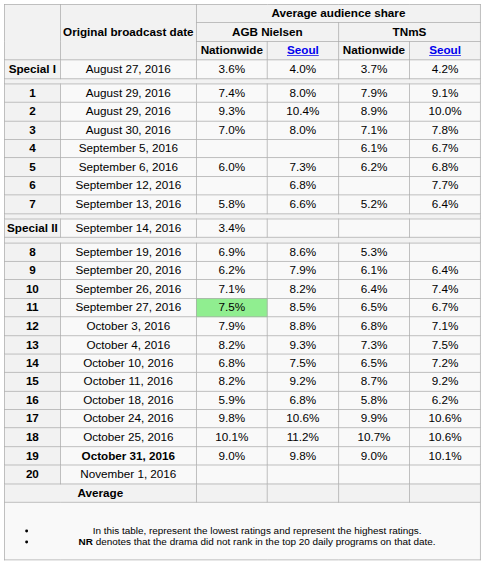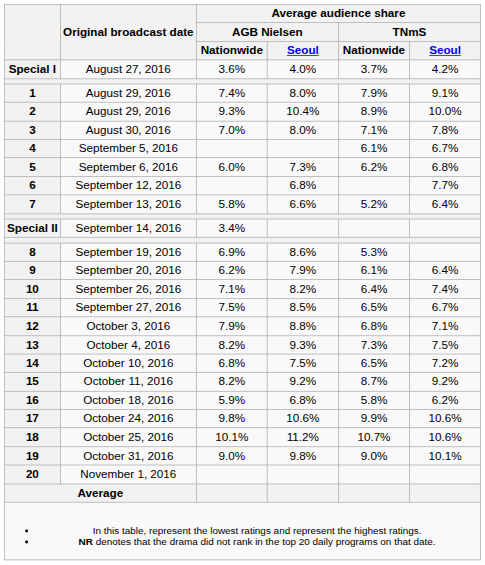 <table class="wikitable" style="text-align:center">
 <tr>
 <th rowspan="3"></th>
 <th rowspan="3">Original broadcast date</th>
 <th colspan="4">Average audience share</th>
 </tr>
 <tr>
 <th colspan="2">AGB Nielsen</th>
 <th colspan="2">TNmS</th>
 </tr>
 <tr>
 <th width="90">Nationwide</th>
 <th width="90"><a href='#'>Seoul</a></th>
 <th width="90">Nationwide</th>
 <th width="90"><a href='#'>Seoul</a></th>
 </tr>
 <tr>
 <th>Special I</th>
 <td>August 27, 2016</td>
 <td>3.6% </td>
 <td>4.0% </td>
 <td>3.7% </td>
 <td>4.2% </td>
 </tr>
 <tr>
 <th colspan="6"></th>
 </tr>
 <tr>
 <th>1</th>
 <td>August 29, 2016</td>
 <td>7.4% </td>
 <td>8.0% </td>
 <td>7.9% </td>
 <td>9.1% </td>
 </tr>
 <tr>
 <th>2</th>
 <td>August 29, 2016</td>
 <td>9.3% </td>
 <td>10.4% </td>
 <td>8.9% </td>
 <td>10.0% </td>
 </tr>
 <tr>
 <th>3</th>
 <td>August 30, 2016</td>
 <td>7.0% </td>
 <td>8.0% </td>
 <td>7.1% </td>
 <td>7.8% </td>
 </tr>
 <tr>
 <th>4</th>
 <td>September 5, 2016</td>
 <td> </td>
 <td> </td>
 <td>6.1% </td>
 <td>6.7% </td>
 </tr>
 <tr>
 <th>5</th>
 <td>September 6, 2016</td>
 <td>6.0% </td>
 <td>7.3% </td>
 <td>6.2% </td>
 <td>6.8% </td>
 </tr>
 <tr>
 <th>6</th>
 <td>September 12, 2016</td>
 <td> </td>
 <td>6.8% </td>
 <td> </td>
 <td>7.7% </td>
 </tr>
 <tr>
 <th>7</th>
 <td>September 13, 2016</td>
 <td>5.8% </td>
 <td>6.6% </td>
 <td>5.2% </td>
 <td>6.4% </td>
 </tr>
 <tr>
 <th colspan="6"></th>
 </tr>
 <tr>
 <th>Special II</th>
 <td>September 14, 2016</td>
 <td>3.4% </td>
 <td></td>
 <td></td>
 <td></td>
 </tr>
 <tr>
 <th colspan="6"></th>
 </tr>
 <tr>
 <th>8</th>
 <td>September 19, 2016</td>
 <td>6.9% </td>
 <td>8.6% </td>
 <td>5.3% </td>
 <td> </td>
 </tr>
 <tr>
 <th>9</th>
 <td>September 20, 2016</td>
 <td>6.2% </td>
 <td>7.9% </td>
 <td>6.1% </td>
 <td>6.4% </td>
 </tr>
 <tr>
 <th>10</th>
 <td>September 26, 2016</td>
 <td>7.1% </td>
 <td>8.2% </td>
 <td>6.4% </td>
 <td>7.4% </td>
 </tr>
 <tr>
 <th>11</th>
 <td>September 27, 2016</td>
-<td style="background: lightgreen;">7.5% </td>
+<td>7.5% </td>
 <td>8.5% </td>
 <td>6.5% </td>
 <td>6.7% </td>
 </tr>
 <tr>
 <th>12</th>
 <td>October 3, 2016</td>
 <td>7.9% </td>
 <td>8.8% </td>
 <td>6.8% </td>
 <td>7.1% </td>
 </tr>
 <tr>
 <th>13</th>
 <td>October 4, 2016</td>
 <td>8.2% </td>
 <td>9.3% </td>
 <td>7.3% </td>
 <td>7.5% </td>
 </tr>
 <tr>
 <th>14</th>
 <td>October 10, 2016</td>
 <td>6.8% </td>
 <td>7.5% </td>
 <td>6.5% </td>
 <td>7.2% </td>
 </tr>
 <tr>
 <th>15</th>
 <td>October 11, 2016</td>
 <td>8.2% </td>
 <td>9.2% </td>
 <td>8.7% </td>
 <td>9.2% </td>
 </tr>
 <tr>
 <th>16</th>
 <td>October 18, 2016</td>
 <td>5.9% </td>
 <td>6.8% </td>
 <td>5.8% </td>
 <td>6.2% </td>
 </tr>
 <tr>
 <th>17</th>
 <td>October 24, 2016</td>
 <td>9.8% </td>
 <td>10.6% </td>
 <td>9.9% </td>
 <td>10.6% </td>
 </tr>
 <tr>
 <th>18</th>
 <td>October 25, 2016</td>
 <td>10.1% </td>
 <td>11.2% </td>
 <td>10.7% </td>
 <td>10.6% </td>
 </tr>
 <tr>
 <th>19</th>
-<td><strong>October 31, 2016</strong></td>
+<td>October 31, 2016</td>
 <td>9.0% </td>
 <td>9.8% </td>
 <td>9.0% </td>
 <td>10.1% </td>
 </tr>
 <tr>
 <th>20</th>
 <td>November 1, 2016</td>
 <td> </td>
 <td> </td>
 <td> </td>
 <td> </td>
 </tr>
 <tr>
 <th colspan="2">Average</th>
 <th></th>
 <th></th>
 <th></th>
 <th></th>
 </tr>
 <tr style="font-size:85%">
 <td colspan="6"><br><ul><li>In this table,  represent the lowest ratings and  represent the highest ratings.</li><li><strong>NR</strong> denotes that the drama did not rank in the top 20 daily programs on that date.</li></ul></td>
 </tr>
 </table>
